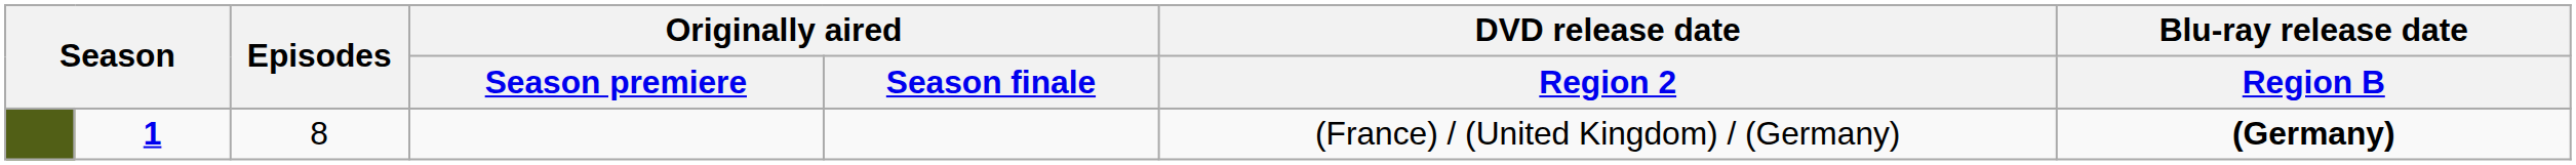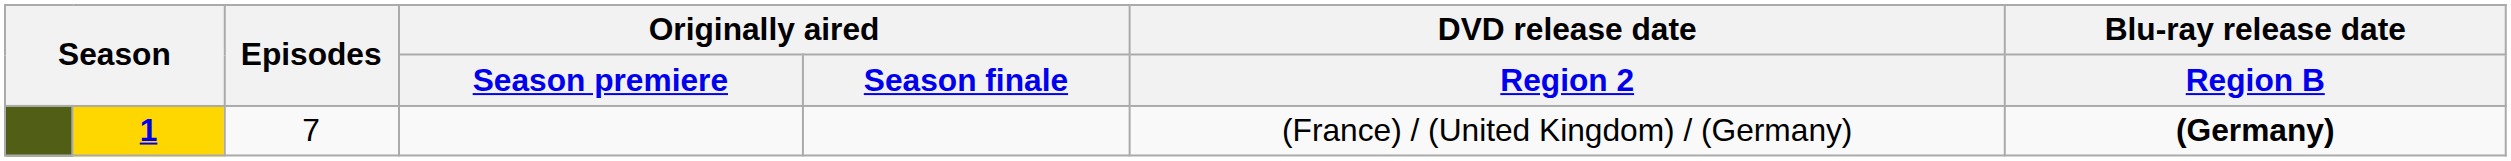 <table class="wikitable" style="text-align:center" width="100%">
 <tr>
 <th style="padding: 0px 8px" colspan="2" rowspan="2">Season</th>
 <th width="12" style="padding: 0px 8px" rowspan="2">Episodes</th>
 <th colspan="2">Originally aired</th>
 <th style="padding: 0px 8px">DVD release date</th>
 <th style="padding: 0px 8px">Blu-ray release date</th>
 </tr>
 <tr>
 <th><a href='#'>Season premiere</a></th>
 <th><a href='#'>Season finale</a></th>
 <th><a href='#'>Region 2</a></th>
 <th><a href='#'>Region B</a></th>
 </tr>
 <tr>
 <td bgcolor="#515f16"></td>
-<td><strong><a href='#'>1</a></strong></td>
-<td>8</td>
+<td style="background: gold;"><strong><a href='#'>1</a></strong></td>
+<td>7</td>
 <td></td>
 <td></td>
 <td> (France) /  (United Kingdom) /  (Germany)</td>
 <td><strong> (Germany)</strong></td>
 </tr>
 </table>
